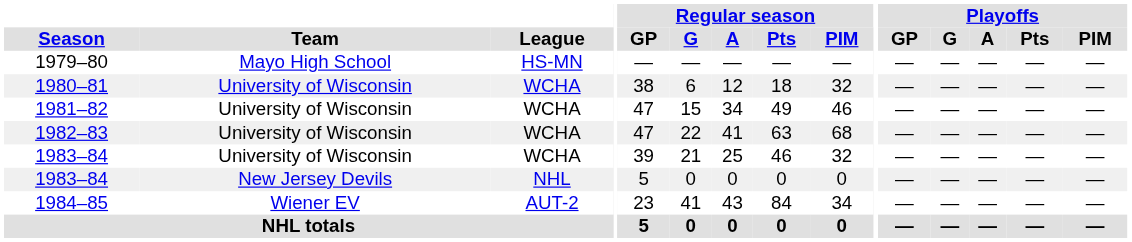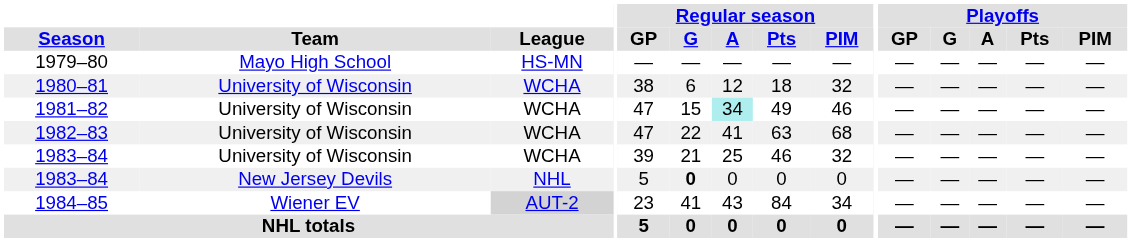 <table border="0" cellpadding="1" cellspacing="0" style="text-align:center; width:60em">
 <tr bgcolor="#e0e0e0">
 <th colspan="3" bgcolor="#ffffff"></th>
 <th rowspan="100" bgcolor="#ffffff"></th>
 <th colspan="5"><a href='#'>Regular season</a></th>
 <th rowspan="100" bgcolor="#ffffff"></th>
 <th colspan="5"><a href='#'>Playoffs</a></th>
 </tr>
 <tr bgcolor="#e0e0e0">
 <th><a href='#'>Season</a></th>
 <th>Team</th>
 <th>League</th>
 <th>GP</th>
 <th><a href='#'>G</a></th>
 <th><a href='#'>A</a></th>
 <th><a href='#'>Pts</a></th>
 <th><a href='#'>PIM</a></th>
 <th>GP</th>
 <th>G</th>
 <th>A</th>
 <th>Pts</th>
 <th>PIM</th>
 </tr>
 <tr>
 <td>1979–80</td>
 <td><a href='#'>Mayo High School</a></td>
 <td><a href='#'>HS-MN</a></td>
 <td>—</td>
 <td>—</td>
 <td>—</td>
 <td>—</td>
 <td>—</td>
 <td>—</td>
 <td>—</td>
 <td>—</td>
 <td>—</td>
 <td>—</td>
 </tr>
 <tr bgcolor="#f0f0f0">
 <td><a href='#'>1980–81</a></td>
 <td><a href='#'>University of Wisconsin</a></td>
 <td><a href='#'>WCHA</a></td>
 <td>38</td>
 <td>6</td>
 <td>12</td>
 <td>18</td>
 <td>32</td>
 <td>—</td>
 <td>—</td>
 <td>—</td>
 <td>—</td>
 <td>—</td>
 </tr>
 <tr>
 <td><a href='#'>1981–82</a></td>
 <td>University of Wisconsin</td>
 <td>WCHA</td>
 <td>47</td>
 <td>15</td>
-<td>34</td>
+<td style="background: paleturquoise;">34</td>
 <td>49</td>
 <td>46</td>
 <td>—</td>
 <td>—</td>
 <td>—</td>
 <td>—</td>
 <td>—</td>
 </tr>
 <tr bgcolor="#f0f0f0">
 <td><a href='#'>1982–83</a></td>
 <td>University of Wisconsin</td>
 <td>WCHA</td>
 <td>47</td>
 <td>22</td>
 <td>41</td>
 <td>63</td>
 <td>68</td>
 <td>—</td>
 <td>—</td>
 <td>—</td>
 <td>—</td>
 <td>—</td>
 </tr>
 <tr>
 <td><a href='#'>1983–84</a></td>
 <td>University of Wisconsin</td>
 <td>WCHA</td>
 <td>39</td>
 <td>21</td>
 <td>25</td>
 <td>46</td>
 <td>32</td>
 <td>—</td>
 <td>—</td>
 <td>—</td>
 <td>—</td>
 <td>—</td>
 </tr>
 <tr bgcolor="#f0f0f0">
 <td><a href='#'>1983–84</a></td>
 <td><a href='#'>New Jersey Devils</a></td>
 <td><a href='#'>NHL</a></td>
 <td>5</td>
-<td>0</td>
+<td><strong>0</strong></td>
 <td>0</td>
 <td>0</td>
 <td>0</td>
 <td>—</td>
 <td>—</td>
 <td>—</td>
 <td>—</td>
 <td>—</td>
 </tr>
 <tr>
 <td><a href='#'>1984–85</a></td>
 <td><a href='#'>Wiener EV</a></td>
-<td><a href='#'>AUT-2</a></td>
+<td style="background: lightgrey;"><a href='#'>AUT-2</a></td>
 <td>23</td>
 <td>41</td>
 <td>43</td>
 <td>84</td>
 <td>34</td>
 <td>—</td>
 <td>—</td>
 <td>—</td>
 <td>—</td>
 <td>—</td>
 </tr>
 <tr bgcolor="#e0e0e0">
 <th colspan="3">NHL totals</th>
 <th>5</th>
 <th>0</th>
 <th>0</th>
 <th>0</th>
 <th>0</th>
 <th>—</th>
 <th>—</th>
 <th>—</th>
 <th>—</th>
 <th>—</th>
 </tr>
 </table>
